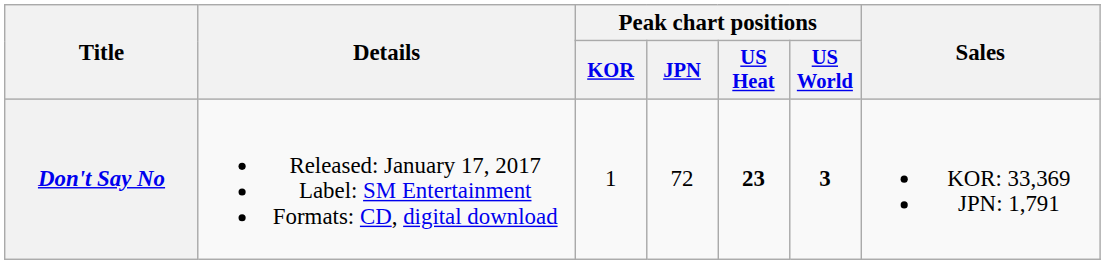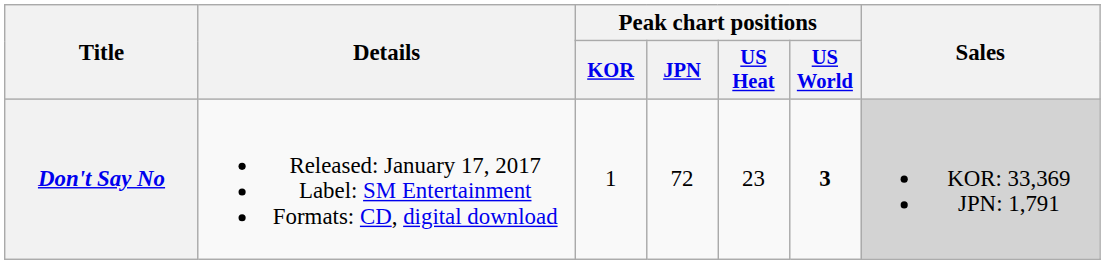 <table class="wikitable plainrowheaders" style="text-align:center;">
 <tr>
 <th rowspan="2" style="width:8em;">Title</th>
 <th rowspan="2" style="width:16em;">Details</th>
 <th colspan="4">Peak chart positions</th>
 <th rowspan="2" style="width:10em;">Sales</th>
 </tr>
 <tr>
 <th style="width:3em;font-size:90%;"><a href='#'>KOR</a><br></th>
 <th style="width:3em;font-size:90%;"><a href='#'>JPN</a><br></th>
 <th style="width:3em;font-size:90%;"><a href='#'>US<br>Heat</a><br></th>
 <th style="width:3em;font-size:90%;"><a href='#'>US<br>World</a><br></th>
 </tr>
 <tr>
 <th scope=row><em><a href='#'>Don't Say No</a></em></th>
 <td><br><ul><li>Released: January 17, 2017</li><li>Label: <a href='#'>SM Entertainment</a></li><li>Formats: <a href='#'>CD</a>, <a href='#'>digital download</a></li></ul></td>
 <td>1</td>
 <td>72</td>
-<td><strong>23</strong></td>
+<td>23</td>
 <td><strong>3</strong></td>
-<td><br><ul><li>KOR: 33,369</li><li>JPN: 1,791</li></ul></td>
+<td style="background: lightgrey;"><br><ul><li>KOR: 33,369</li><li>JPN: 1,791</li></ul></td>
 </tr>
 </table>
